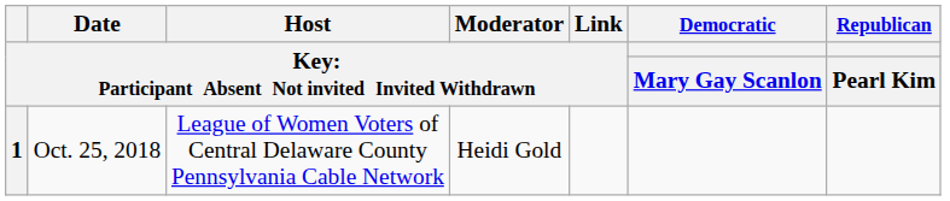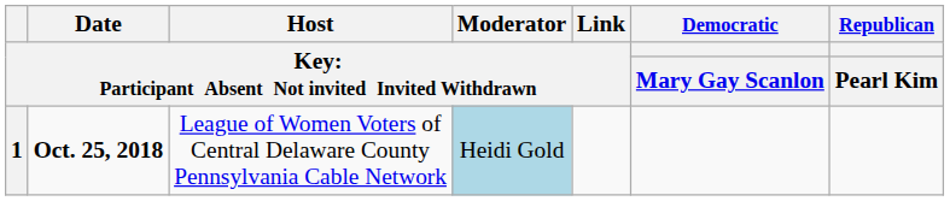 <table class="wikitable" style="text-align:center;">
 <tr>
 <th scope="col"></th>
 <th scope="col">Date</th>
 <th scope="col">Host</th>
 <th scope="col">Moderator</th>
 <th scope="col">Link</th>
 <th scope="col"><small><a href='#'>Democratic</a></small></th>
 <th scope="col"><small><a href='#'>Republican</a></small></th>
 </tr>
 <tr>
 <th colspan="5" rowspan="2">Key:<br> <small>Participant </small>  <small>Absent </small>  <small>Not invited </small>  <small>Invited  Withdrawn</small></th>
 <th scope="col" style="background:"></th>
 <th scope="col" style="background:"></th>
 </tr>
 <tr>
 <th scope="col"><a href='#'>Mary Gay Scanlon</a></th>
 <th scope="col">Pearl Kim</th>
 </tr>
 <tr>
 <th>1</th>
-<td style="white-space:nowrap;">Oct. 25, 2018</td>
+<td style="white-space:nowrap;"><strong>Oct. 25, 2018</strong></td>
 <td style="white-space:nowrap;"><a href='#'>League of Women Voters</a> of<br>Central Delaware County<br><a href='#'>Pennsylvania Cable Network</a></td>
-<td style="white-space:nowrap;">Heidi Gold</td>
+<td style="background: lightblue; white-space:nowrap;">Heidi Gold</td>
 <td style="white-space:nowrap;"></td>
 <td></td>
 <td></td>
 </tr>
 </table>
